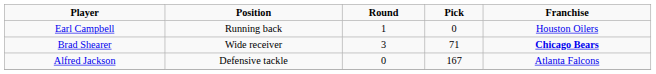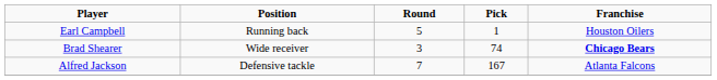 <table class="wikitable" width="80%">
 <tr align="center">
 <td><strong>Player</strong></td>
 <td><strong>Position</strong></td>
 <td><strong>Round</strong></td>
 <td><strong>Pick</strong></td>
 <td><strong>Franchise</strong></td>
 </tr>
 <tr align="center" bgcolor="">
 <td><a href='#'>Earl Campbell</a></td>
 <td>Running back</td>
+<td>5</td>
 <td>1</td>
-<td>0</td>
 <td><a href='#'>Houston Oilers</a></td>
 </tr>
 <tr align="center" bgcolor="">
 <td><a href='#'>Brad Shearer</a></td>
 <td>Wide receiver</td>
 <td>3</td>
-<td>71</td>
+<td>74</td>
 <td><strong><a href='#'>Chicago Bears</a></strong></td>
 </tr>
 <tr align="center" bgcolor="">
 <td><a href='#'>Alfred Jackson</a></td>
 <td>Defensive tackle</td>
-<td>0</td>
+<td>7</td>
 <td>167</td>
 <td><a href='#'>Atlanta Falcons</a></td>
 </tr>
 <tr align="center" bgcolor="">
 </tr>
 </table>
